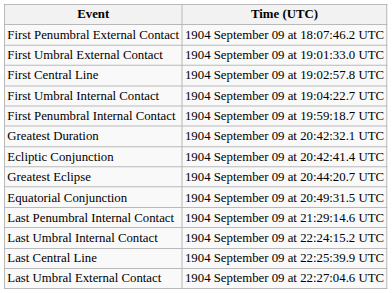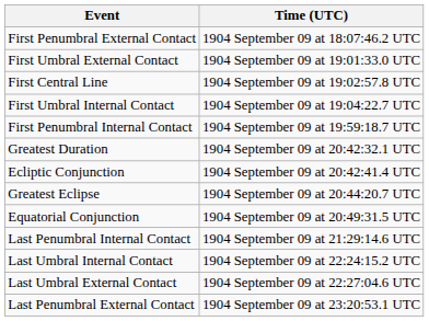 <table class="wikitable">
 <tr>
 <th>Event</th>
 <th>Time (UTC)</th>
 </tr>
 <tr>
 <td>First Penumbral External Contact</td>
 <td>1904 September 09 at 18:07:46.2 UTC</td>
 </tr>
 <tr>
 <td>First Umbral External Contact</td>
 <td>1904 September 09 at 19:01:33.0 UTC</td>
 </tr>
 <tr>
 <td>First Central Line</td>
 <td>1904 September 09 at 19:02:57.8 UTC</td>
 </tr>
 <tr>
 <td>First Umbral Internal Contact</td>
 <td>1904 September 09 at 19:04:22.7 UTC</td>
 </tr>
 <tr>
 <td>First Penumbral Internal Contact</td>
 <td>1904 September 09 at 19:59:18.7 UTC</td>
 </tr>
 <tr>
 <td>Greatest Duration</td>
 <td>1904 September 09 at 20:42:32.1 UTC</td>
 </tr>
 <tr>
 <td>Ecliptic Conjunction</td>
 <td>1904 September 09 at 20:42:41.4 UTC</td>
 </tr>
 <tr>
 <td>Greatest Eclipse</td>
 <td>1904 September 09 at 20:44:20.7 UTC</td>
 </tr>
 <tr>
 <td>Equatorial Conjunction</td>
 <td>1904 September 09 at 20:49:31.5 UTC</td>
 </tr>
 <tr>
 <td>Last Penumbral Internal Contact</td>
 <td>1904 September 09 at 21:29:14.6 UTC</td>
 </tr>
 <tr>
 <td>Last Umbral Internal Contact</td>
 <td>1904 September 09 at 22:24:15.2 UTC</td>
 </tr>
 <tr>
-<td>Last Central Line</td>
-<td>1904 September 09 at 22:25:39.9 UTC</td>
-</tr>
-<tr>
 <td>Last Umbral External Contact</td>
 <td>1904 September 09 at 22:27:04.6 UTC</td>
 </tr>
+<tr>
+<td>Last Penumbral External Contact</td>
+<td>1904 September 09 at 23:20:53.1 UTC</td>
+</tr>
 </table>
